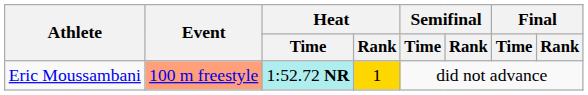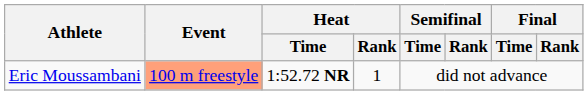 <table class=wikitable style="font-size:90%">
 <tr>
 <th rowspan="2">Athlete</th>
 <th rowspan="2">Event</th>
 <th colspan="2">Heat</th>
 <th colspan="2">Semifinal</th>
 <th colspan="2">Final</th>
 </tr>
 <tr style="font-size:95%">
 <th>Time</th>
 <th>Rank</th>
 <th>Time</th>
 <th>Rank</th>
 <th>Time</th>
 <th>Rank</th>
 </tr>
 <tr align=center>
 <td align=left><a href='#'>Eric Moussambani</a></td>
 <td align=left style="background: lightsalmon;"><a href='#'>100 m freestyle</a></td>
-<td style="background: paleturquoise;">1:52.72 <strong>NR</strong></td>
-<td style="background: gold;">1</td>
+<td>1:52.72 <strong>NR</strong></td>
+<td>1</td>
 <td colspan=4>did not advance</td>
 </tr>
 </table>
